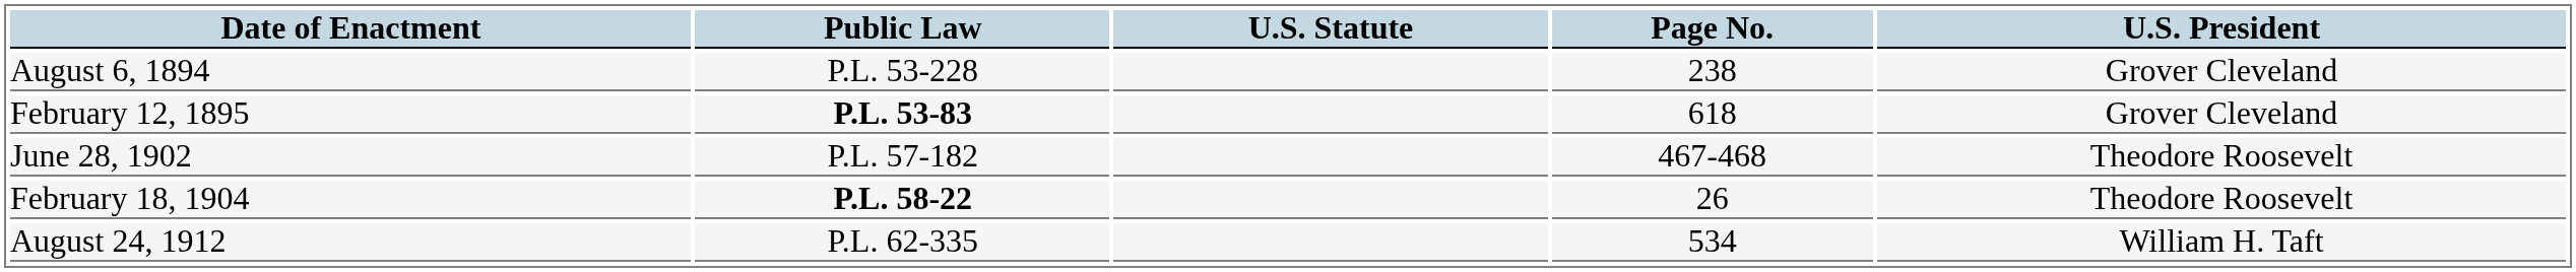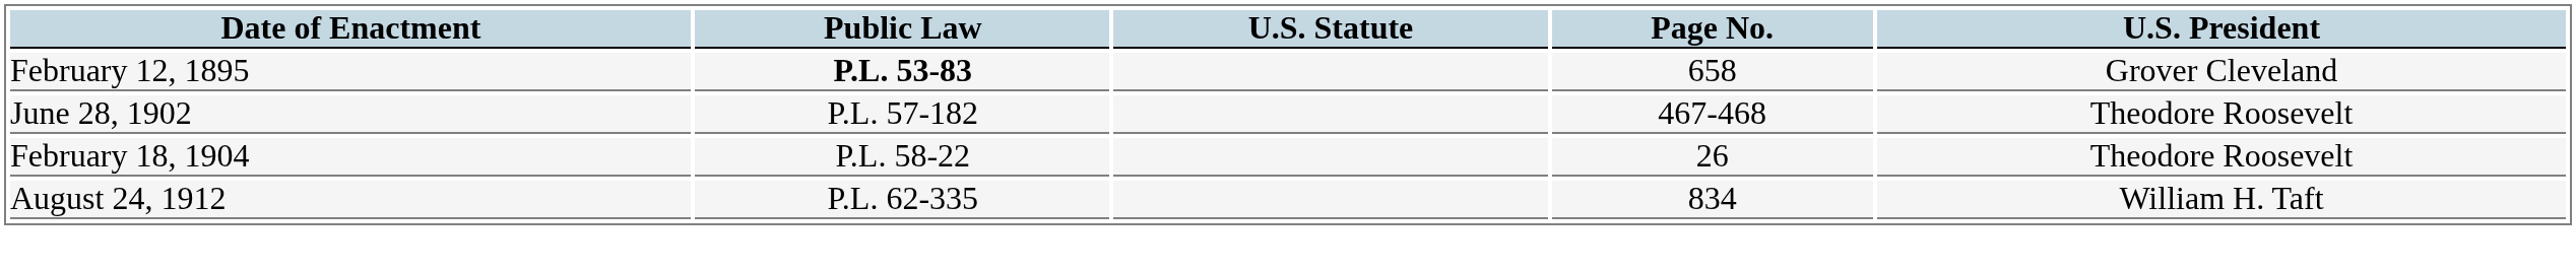 <table style="border:1px solid gray; align:left; width:100%" cellspacing=2 cellpadding=0>
 <tr style="font-weight:bold; text-align:center; background:#c4d8e2; color:black;">
 <th style=" border-bottom:1.5px solid black">Date of Enactment</th>
 <th style=" border-bottom:1.5px solid black">Public Law</th>
 <th style=" border-bottom:1.5px solid black">U.S. Statute</th>
 <th style=" border-bottom:1.5px solid black">Page No.</th>
 <th style=" border-bottom:1.5px solid black">U.S. President</th>
 </tr>
 <tr>
-<td style="border-bottom:1px solid gray; background:#F5F5F5;">August 6, 1894</td>
-<td style="border-bottom:1px solid gray; background:#F5F5F5; text-align:center;">P.L. 53-228</td>
-<td style="border-bottom:1px solid gray; background:#F5F5F5; text-align:center;"></td>
-<td style="border-bottom:1px solid gray; background:#F5F5F5; text-align:center;">238</td>
-<td style="border-bottom:1px solid gray; background:#F5F5F5; text-align:center;">Grover Cleveland</td>
-</tr>
-<tr>
 <td style="border-bottom:1px solid gray; background:#F5F5F5;">February 12, 1895</td>
 <td style="border-bottom:1px solid gray; background:#F5F5F5; text-align:center;"><strong>P.L. 53-83</strong></td>
 <td style="border-bottom:1px solid gray; background:#F5F5F5; text-align:center;"></td>
-<td style="border-bottom:1px solid gray; background:#F5F5F5; text-align:center;">618</td>
+<td style="border-bottom:1px solid gray; background:#F5F5F5; text-align:center;">658</td>
 <td style="border-bottom:1px solid gray; background:#F5F5F5; text-align:center;">Grover Cleveland</td>
 </tr>
 <tr>
 <td style="border-bottom:1px solid gray; background:#F5F5F5;">June 28, 1902</td>
 <td style="border-bottom:1px solid gray; background:#F5F5F5; text-align:center;">P.L. 57-182</td>
 <td style="border-bottom:1px solid gray; background:#F5F5F5; text-align:center;"></td>
 <td style="border-bottom:1px solid gray; background:#F5F5F5; text-align:center;">467-468</td>
 <td style="border-bottom:1px solid gray; background:#F5F5F5; text-align:center;">Theodore Roosevelt</td>
 </tr>
 <tr>
 <td style="border-bottom:1px solid gray; background:#F5F5F5;">February 18, 1904</td>
-<td style="border-bottom:1px solid gray; background:#F5F5F5; text-align:center;"><strong>P.L. 58-22</strong></td>
+<td style="border-bottom:1px solid gray; background:#F5F5F5; text-align:center;">P.L. 58-22</td>
 <td style="border-bottom:1px solid gray; background:#F5F5F5; text-align:center;"></td>
 <td style="border-bottom:1px solid gray; background:#F5F5F5; text-align:center;">26</td>
 <td style="border-bottom:1px solid gray; background:#F5F5F5; text-align:center;">Theodore Roosevelt</td>
 </tr>
 <tr>
 <td style="border-bottom:1px solid gray; background:#F5F5F5;">August 24, 1912</td>
 <td style="border-bottom:1px solid gray; background:#F5F5F5; text-align:center;">P.L. 62-335</td>
 <td style="border-bottom:1px solid gray; background:#F5F5F5; text-align:center;"></td>
-<td style="border-bottom:1px solid gray; background:#F5F5F5; text-align:center;">534</td>
+<td style="border-bottom:1px solid gray; background:#F5F5F5; text-align:center;">834</td>
 <td style="border-bottom:1px solid gray; background:#F5F5F5; text-align:center;">William H. Taft</td>
 </tr>
 </table>
